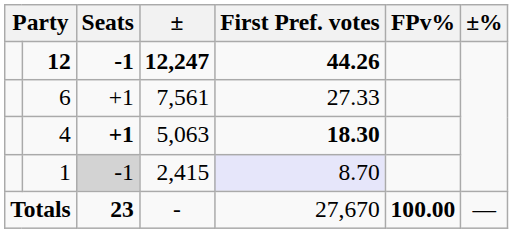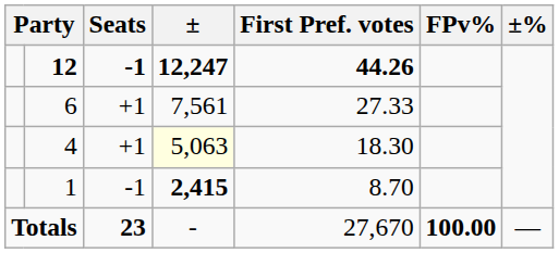 <table class="wikitable sortable" border="1">
 <tr>
 <th colspan=2 align=center>Party</th>
 <th valign=top>Seats</th>
 <th valign=top>±</th>
 <th valign=top>First Pref. votes</th>
 <th valign=top>FPv%</th>
 <th valign=top>±%</th>
 </tr>
 <tr>
 <td></td>
 <td align=right><strong>12</strong></td>
 <td align=right><strong>-1</strong></td>
 <td align=right><strong>12,247</strong></td>
 <td align=right><strong>44.26</strong></td>
 <td align=right></td>
 </tr>
 <tr>
 <td></td>
 <td align=right>6</td>
 <td align=right>+1</td>
 <td align=right>7,561</td>
 <td align=right>27.33</td>
 <td align=right></td>
 </tr>
 <tr>
 <td></td>
 <td align=right>4</td>
-<td align=right><strong>+1</strong></td>
-<td align=right>5,063</td>
-<td align=right><strong>18.30</strong></td>
+<td align=right>+1</td>
+<td align=right style="background: lightyellow;">5,063</td>
+<td align=right>18.30</td>
 <td align=right></td>
 </tr>
 <tr>
 <td></td>
 <td align=right>1</td>
-<td align=right style="background: lightgrey;">-1</td>
-<td align=right>2,415</td>
-<td align=right style="background: lavender;">8.70</td>
+<td align=right>-1</td>
+<td align=right><strong>2,415</strong></td>
+<td align=right>8.70</td>
 <td align=right></td>
 </tr>
 <tr>
 <td colspan=2 align=center><strong>Totals</strong></td>
 <td align=right><strong>23</strong></td>
 <td align=center>-</td>
 <td align=right>27,670</td>
 <td align=center><strong>100.00</strong></td>
 <td align=center>—</td>
 </tr>
 </table>
